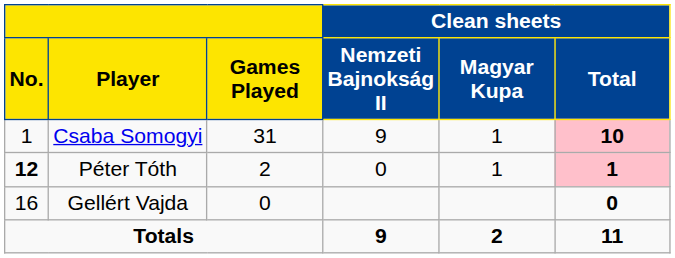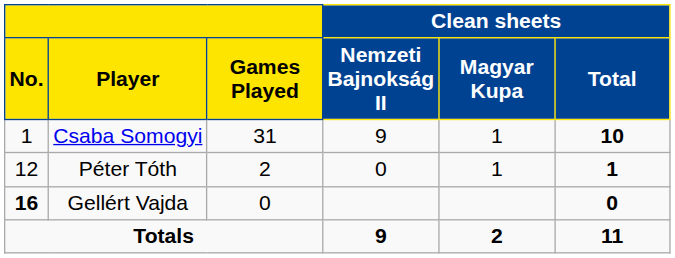 <table class="wikitable sortable alternance" style="text-align:center">
 <tr>
 <th colspan="3" style="background:#FDE500;border:1px solid #004292"></th>
 <th colspan="4" style="background:#004292;color:white;border:1px solid #FDE500">Clean sheets</th>
 </tr>
 <tr>
 <th style="background-color:#FDE500;color:black;border:1px solid #004292">No.</th>
 <th style="background-color:#FDE500;color:black;border:1px solid #004292">Player</th>
 <th width=80 style="background-color:#FDE500;color:black;border:1px solid #004292">Games Played</th>
 <th width=80 style="background-color:#004292;color:white;border:1px solid #FDE500">Nemzeti Bajnokság II</th>
 <th width=80 style="background-color:#004292;color:white;border:1px solid #FDE500">Magyar Kupa</th>
 <th width=80 style="background-color:#004292;color:white;border:1px solid #FDE500">Total</th>
 </tr>
 <tr>
 <td>1</td>
 <td> <a href='#'>Csaba Somogyi</a></td>
 <td>31</td>
 <td>9</td>
 <td>1</td>
-<td style="background: pink;"><strong>10</strong></td>
+<td><strong>10</strong></td>
 </tr>
 <tr>
-<td><strong>12</strong></td>
+<td>12</td>
 <td> Péter Tóth</td>
 <td>2</td>
 <td>0</td>
 <td>1</td>
-<td style="background: pink;"><strong>1</strong></td>
+<td><strong>1</strong></td>
 </tr>
 <tr>
-<td>16</td>
+<td><strong>16</strong></td>
 <td> Gellért Vajda</td>
 <td>0</td>
 <td></td>
 <td></td>
 <td><strong>0</strong></td>
 </tr>
 <tr class="sortbottom">
 <td colspan="3"><strong>Totals</strong></td>
 <td><strong>9</strong></td>
 <td><strong>2</strong></td>
 <td><strong>11</strong></td>
 </tr>
 </table>
